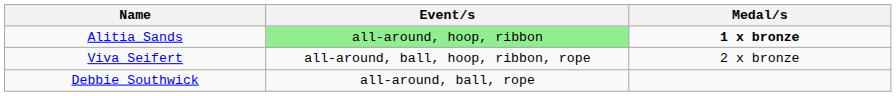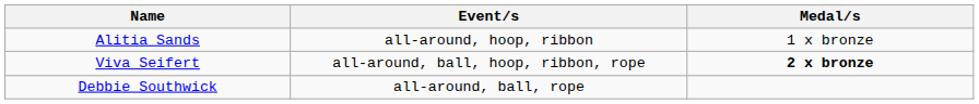 <table class="wikitable" style="text-align: center">
 <tr>
 <th width=250>Name</th>
 <th width=350>Event/s</th>
 <th width=250>Medal/s</th>
 </tr>
 <tr>
 <td><a href='#'>Alitia Sands</a></td>
-<td style="background: lightgreen;">all-around, hoop, ribbon</td>
-<td><strong>1 x bronze</strong></td>
+<td>all-around, hoop, ribbon</td>
+<td>1 x bronze</td>
 </tr>
 <tr>
 <td><a href='#'>Viva Seifert</a></td>
 <td>all-around, ball, hoop, ribbon, rope</td>
-<td>2 x bronze</td>
+<td><strong>2 x bronze</strong></td>
 </tr>
 <tr>
 <td><a href='#'>Debbie Southwick</a></td>
 <td>all-around, ball, rope</td>
 <td></td>
 </tr>
 </table>
